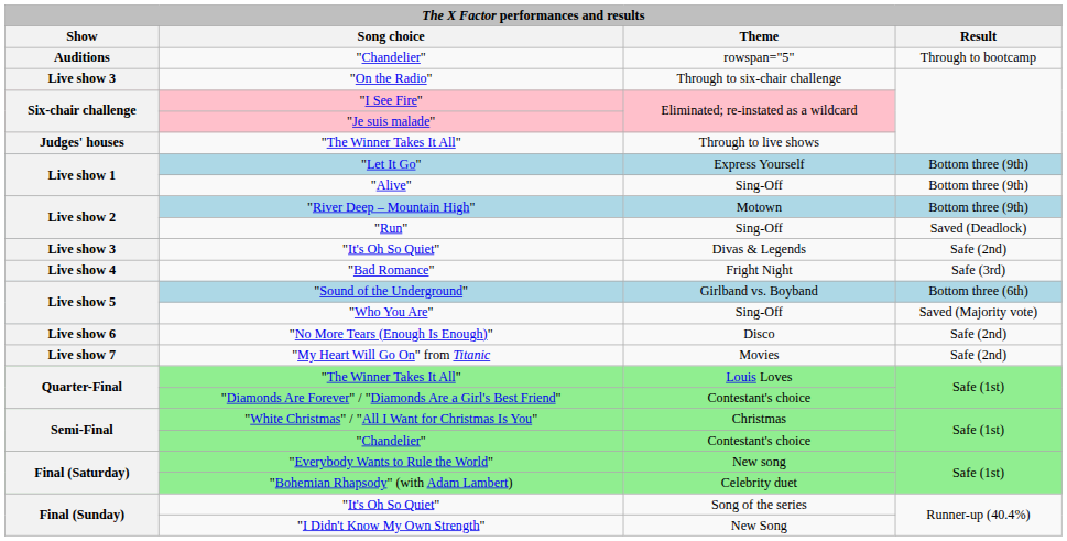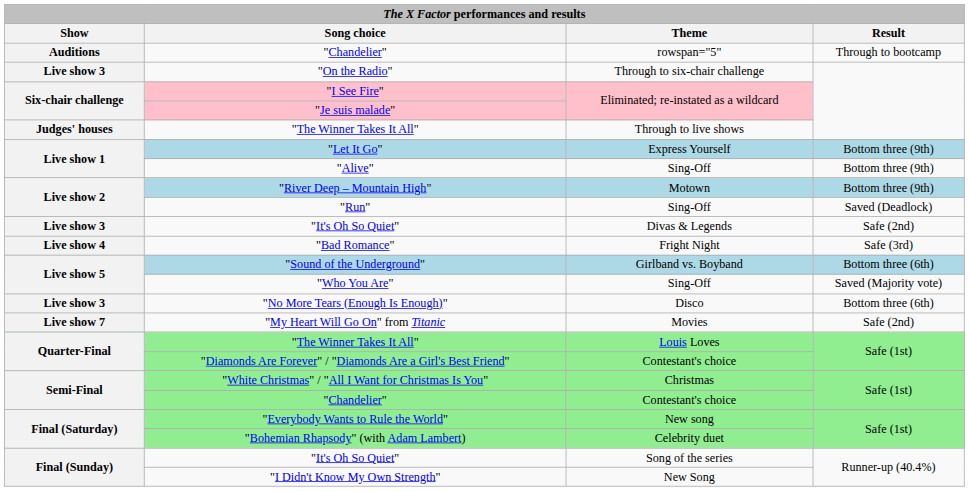 <table class="wikitable collapsible collapsed" style="width:100%; margin:1em auto 1em auto; text-align:center;">
 <tr>
 <th colspan="4" style="background:#BFBFBF;"><em>The X Factor</em> performances and results</th>
 </tr>
 <tr>
 <th style="text-align:centre;">Show</th>
 <th style="text-align:centre;">Song choice</th>
 <th style="text-align:centre;">Theme</th>
 <th style="text-align:centre;">Result</th>
 </tr>
 <tr>
 <th>Auditions</th>
 <td>"<a href='#'>Chandelier</a>"</td>
 <td>rowspan="5" </td>
 <td>Through to bootcamp</td>
 </tr>
 <tr>
 <th>Live show 3</th>
 <td>"<a href='#'>On the Radio</a>"</td>
 <td>Through to six-chair challenge</td>
 </tr>
 <tr style="background:pink;">
 <th rowspan=2>Six-chair challenge</th>
 <td>"<a href='#'>I See Fire</a>"</td>
 <td rowspan=2>Eliminated; re-instated as a wildcard</td>
 </tr>
 <tr style="background:pink;">
 <td>"<a href='#'>Je suis malade</a>"</td>
 </tr>
 <tr>
 <th>Judges' houses</th>
 <td>"<a href='#'>The Winner Takes It All</a>"</td>
 <td>Through to live shows</td>
 </tr>
 <tr style="background:lightblue;">
 <th rowspan="2">Live show 1</th>
 <td>"<a href='#'>Let It Go</a>"</td>
 <td>Express Yourself</td>
 <td>Bottom three (9th)</td>
 </tr>
 <tr>
 <td>"<a href='#'>Alive</a>"</td>
 <td>Sing-Off</td>
 <td>Bottom three (9th)</td>
 </tr>
 <tr style="background:lightblue;">
 <th rowspan="2">Live show 2</th>
 <td>"<a href='#'>River Deep – Mountain High</a>"</td>
 <td>Motown</td>
 <td>Bottom three (9th)</td>
 </tr>
 <tr>
 <td>"<a href='#'>Run</a>"</td>
 <td>Sing-Off</td>
 <td>Saved (Deadlock)</td>
 </tr>
 <tr>
 <th>Live show 3</th>
 <td>"<a href='#'>It's Oh So Quiet</a>"</td>
 <td>Divas & Legends</td>
 <td>Safe (2nd)</td>
 </tr>
 <tr>
 <th>Live show 4</th>
 <td>"<a href='#'>Bad Romance</a>"</td>
 <td>Fright Night</td>
 <td>Safe (3rd)</td>
 </tr>
 <tr style="background:lightblue;">
 <th rowspan="2">Live show 5</th>
 <td>"<a href='#'>Sound of the Underground</a>"</td>
 <td>Girlband vs. Boyband</td>
 <td>Bottom three (6th)</td>
 </tr>
 <tr>
 <td>"<a href='#'>Who You Are</a>"</td>
 <td>Sing-Off</td>
 <td>Saved (Majority vote)</td>
 </tr>
 <tr>
-<th>Live show 6</th>
+<th>Live show 3</th>
 <td>"<a href='#'>No More Tears (Enough Is Enough)</a>"</td>
 <td>Disco</td>
-<td>Safe (2nd)</td>
+<td>Bottom three (6th)</td>
 </tr>
 <tr>
 <th>Live show 7</th>
 <td>"<a href='#'>My Heart Will Go On</a>" from <em><a href='#'>Titanic</a></em></td>
 <td>Movies</td>
 <td>Safe (2nd)</td>
 </tr>
 <tr style="background:lightgreen;">
 <th rowspan="2">Quarter-Final</th>
 <td>"<a href='#'>The Winner Takes It All</a>"</td>
 <td><a href='#'>Louis</a> Loves</td>
 <td rowspan="2">Safe (1st)</td>
 </tr>
 <tr style="background:lightgreen;">
 <td>"<a href='#'>Diamonds Are Forever</a>" / "<a href='#'>Diamonds Are a Girl's Best Friend</a>"</td>
 <td>Contestant's choice</td>
 </tr>
 <tr style="background:lightgreen;">
 <th rowspan="2">Semi-Final</th>
 <td>"<a href='#'>White Christmas</a>" / "<a href='#'>All I Want for Christmas Is You</a>"</td>
 <td>Christmas</td>
 <td rowspan="2">Safe (1st)</td>
 </tr>
 <tr style="background:lightgreen;">
 <td>"<a href='#'>Chandelier</a>"</td>
 <td>Contestant's choice</td>
 </tr>
 <tr style="background:lightgreen;">
 <th rowspan="2">Final (Saturday)</th>
 <td>"<a href='#'>Everybody Wants to Rule the World</a>"</td>
 <td>New song</td>
 <td rowspan="2">Safe (1st)</td>
 </tr>
 <tr style="background:lightgreen;">
 <td>"<a href='#'>Bohemian Rhapsody</a>" (with <a href='#'>Adam Lambert</a>)</td>
 <td>Celebrity duet</td>
 </tr>
 <tr>
 <th rowspan="2">Final (Sunday)</th>
 <td>"<a href='#'>It's Oh So Quiet</a>"</td>
 <td>Song of the series</td>
 <td rowspan="2">Runner-up (40.4%)</td>
 </tr>
 <tr>
 <td>"<a href='#'>I Didn't Know My Own Strength</a>"</td>
 <td>New Song</td>
 </tr>
 </table>
